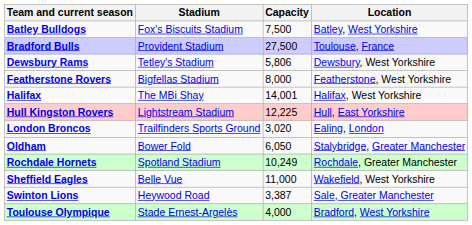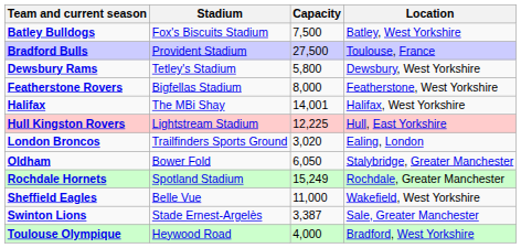 <table class="wikitable sortable" style="font-size:95%;">
 <tr>
 <th>Team and current season</th>
 <th>Stadium</th>
 <th>Capacity</th>
 <th>Location</th>
 </tr>
 <tr>
 <td> <strong><a href='#'>Batley Bulldogs</a></strong></td>
 <td><a href='#'>Fox's Biscuits Stadium</a></td>
 <td>7,500</td>
 <td><a href='#'>Batley</a>, <a href='#'>West Yorkshire</a></td>
 </tr>
 <tr style="background:#CCCCFF;">
 <td> <strong><a href='#'>Bradford Bulls</a></strong></td>
 <td><a href='#'>Provident Stadium</a></td>
 <td>27,500</td>
 <td><a href='#'>Toulouse</a>, <a href='#'>France</a></td>
 </tr>
 <tr>
 <td> <strong><a href='#'>Dewsbury Rams</a></strong></td>
 <td><a href='#'>Tetley's Stadium</a></td>
-<td>5,806</td>
+<td>5,800</td>
 <td><a href='#'>Dewsbury</a>, West Yorkshire</td>
 </tr>
 <tr>
 <td> <strong><a href='#'>Featherstone Rovers</a></strong></td>
 <td><a href='#'>Bigfellas Stadium</a></td>
 <td>8,000</td>
 <td><a href='#'>Featherstone</a>, West Yorkshire</td>
 </tr>
 <tr>
 <td> <strong><a href='#'>Halifax</a></strong></td>
 <td><a href='#'>The MBi Shay</a></td>
 <td>14,001</td>
 <td><a href='#'>Halifax</a>, West Yorkshire</td>
 </tr>
 <tr style="background:#ffcccc;">
 <td> <strong><a href='#'>Hull Kingston Rovers</a></strong></td>
 <td><a href='#'>Lightstream Stadium</a></td>
 <td>12,225</td>
 <td><a href='#'>Hull</a>, <a href='#'>East Yorkshire</a></td>
 </tr>
 <tr>
 <td> <strong><a href='#'>London Broncos</a></strong></td>
 <td><a href='#'>Trailfinders Sports Ground</a></td>
 <td>3,020</td>
 <td><a href='#'>Ealing</a>, <a href='#'>London</a></td>
 </tr>
 <tr>
 <td> <strong><a href='#'>Oldham</a></strong></td>
 <td><a href='#'>Bower Fold</a></td>
 <td>6,050</td>
 <td><a href='#'>Stalybridge</a>, <a href='#'>Greater Manchester</a></td>
 </tr>
 <tr style="background:#CCFFCC;">
 <td> <strong><a href='#'>Rochdale Hornets</a></strong></td>
 <td><a href='#'>Spotland Stadium</a></td>
-<td>10,249</td>
+<td>15,249</td>
 <td><a href='#'>Rochdale</a>, Greater Manchester</td>
 </tr>
 <tr>
 <td> <strong><a href='#'>Sheffield Eagles</a></strong></td>
 <td><a href='#'>Belle Vue</a></td>
 <td>11,000</td>
 <td><a href='#'>Wakefield</a>, West Yorkshire</td>
 </tr>
 <tr>
 <td> <strong><a href='#'>Swinton Lions</a></strong></td>
-<td><a href='#'>Heywood Road</a></td>
+<td><a href='#'>Stade Ernest-Argelès</a></td>
 <td>3,387</td>
 <td><a href='#'>Sale, Greater Manchester</a></td>
 </tr>
 <tr style="background:#ccffcc;">
 <td> <strong><a href='#'>Toulouse Olympique</a></strong></td>
-<td><a href='#'>Stade Ernest-Argelès</a></td>
+<td><a href='#'>Heywood Road</a></td>
 <td>4,000</td>
 <td><a href='#'>Bradford</a>, <a href='#'>West Yorkshire</a></td>
 </tr>
 </table>
